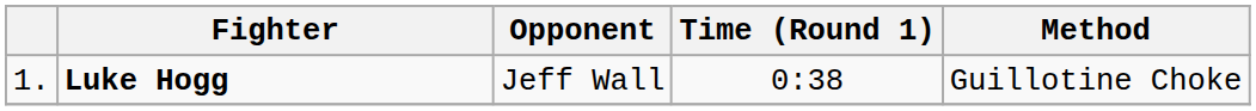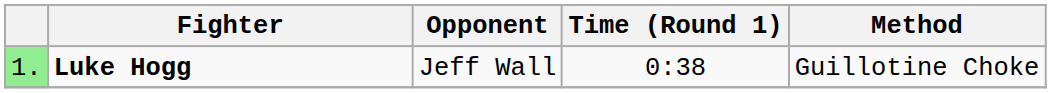 <table class=wikitable>
 <tr>
 <th></th>
 <th width=180>Fighter</th>
 <th>Opponent</th>
 <th>Time (Round 1)</th>
 <th>Method</th>
 </tr>
 <tr>
-<td>1.</td>
+<td style="background: lightgreen;">1.</td>
 <td> <strong>Luke Hogg</strong></td>
 <td>Jeff Wall</td>
 <td style="text-align:center;">0:38</td>
 <td>Guillotine Choke</td>
 </tr>
 <tr>
 </tr>
 </table>
